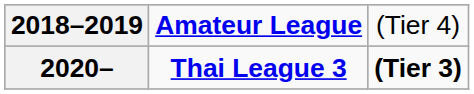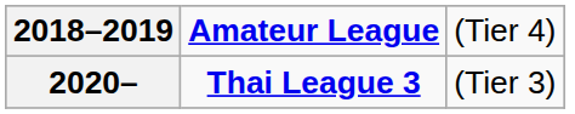 <table class="wikitable" style="text-align:center">
 <tr>
 <th>2018–2019</th>
 <td><strong><a href='#'>Amateur League</a></strong></td>
 <td>(Tier 4)</td>
 </tr>
 <tr>
 <th>2020–</th>
 <td><strong><a href='#'>Thai League 3</a></strong></td>
-<td><strong>(Tier 3)</strong></td>
+<td>(Tier 3)</td>
 </tr>
 </table>
